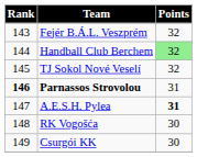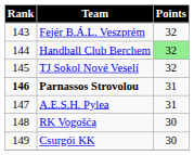 <table class="wikitable" style="text-align: center">
 <tr>
 <th style="color:#FFFFFF; background:#000000">Rank</th>
 <th style="color:#FFFFFF; background:#000000">Team</th>
 <th style="color:#FFFFFF; background:#000000">Points</th>
 </tr>
 <tr>
 <td>143</td>
 <td align=left> <a href='#'>Fejér B.Á.L. Veszprém</a></td>
 <td>32</td>
 </tr>
 <tr>
 <td>144</td>
 <td align=left> <a href='#'>Handball Club Berchem</a></td>
 <td style="background: lightgreen;">32</td>
 </tr>
 <tr>
 <td>145</td>
 <td align=left> <a href='#'>TJ Sokol Nové Veselí</a></td>
 <td>32</td>
 </tr>
 <tr>
 <td><strong>146</strong></td>
 <td align=left> <strong>Parnassos Strovolou</strong></td>
 <td>31</td>
 </tr>
 <tr>
 <td>147</td>
 <td align=left> <a href='#'>A.E.S.H. Pylea</a></td>
-<td><strong>31</strong></td>
+<td>31</td>
 </tr>
 <tr>
 <td>148</td>
 <td align=left> <a href='#'>RK Vogošća</a></td>
 <td>30</td>
 </tr>
 <tr>
 <td>149</td>
 <td align=left> <a href='#'>Csurgói KK</a></td>
 <td>30</td>
 </tr>
 <tr>
 </tr>
 </table>
